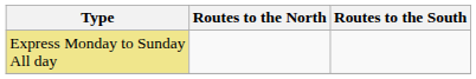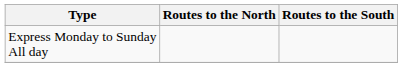 <table class="wikitable" style="margin:1em auto;">
 <tr>
 <th>Type</th>
 <th>Routes to the North</th>
 <th>Routes to the South</th>
 </tr>
 <tr>
-<td style="background: khaki;">Express Monday to Sunday <br>All day</td>
+<td>Express Monday to Sunday <br>All day</td>
 <td></td>
 <td></td>
 </tr>
 <tr>
 </tr>
 </table>
